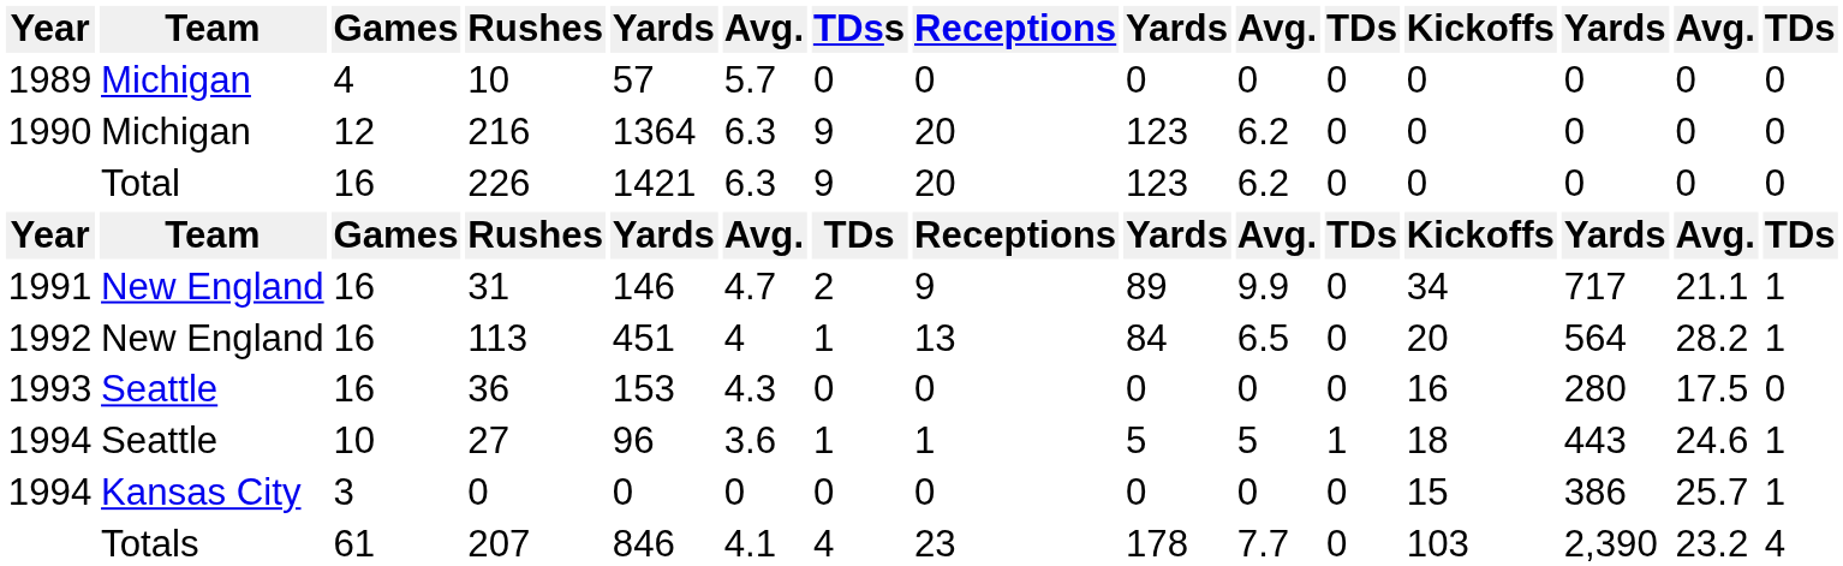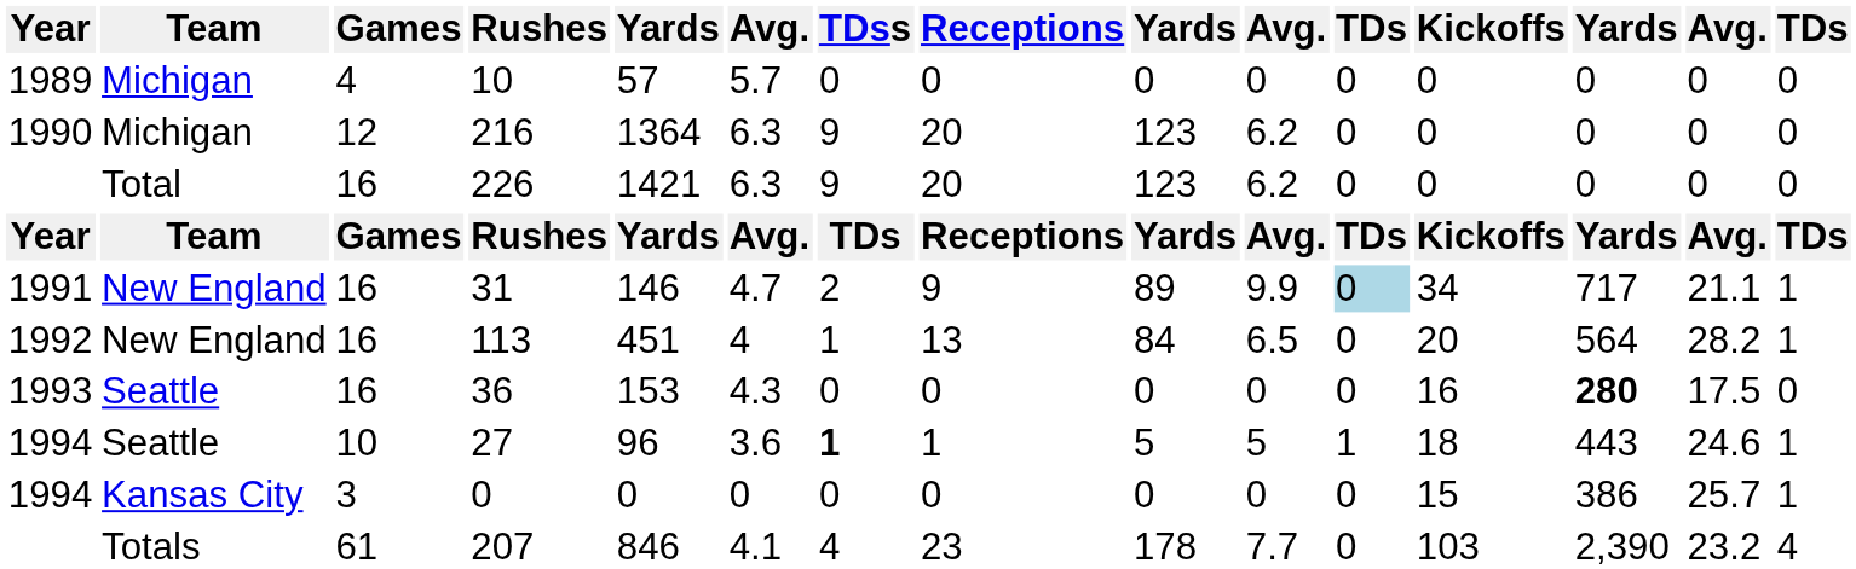 <table>
 <tr>
 <td align="center" style="background:#f0f0f0;"><strong>Year</strong></td>
 <td align="center" style="background:#f0f0f0;"><strong>Team</strong></td>
 <td align="center" style="background:#f0f0f0;"><strong>Games</strong></td>
 <td align="center" style="background:#f0f0f0;"><strong>Rushes</strong></td>
 <td align="center" style="background:#f0f0f0;"><strong>Yards</strong></td>
 <td align="center" style="background:#f0f0f0;"><strong>Avg.</strong></td>
 <td align="center" style="background:#f0f0f0;"><strong><a href='#'>TDs</a>s</strong></td>
 <td align="center" style="background:#f0f0f0;"><strong><a href='#'>Receptions</a></strong></td>
 <td align="center" style="background:#f0f0f0;"><strong>Yards</strong></td>
 <td align="center" style="background:#f0f0f0;"><strong>Avg.</strong></td>
 <td align="center" style="background:#f0f0f0;"><strong>TDs</strong></td>
 <td align="center" style="background:#f0f0f0;"><strong>Kickoffs</strong></td>
 <td align="center" style="background:#f0f0f0;"><strong>Yards</strong></td>
 <td align="center" style="background:#f0f0f0;"><strong>Avg.</strong></td>
 <td align="center" style="background:#f0f0f0;"><strong>TDs</strong></td>
 </tr>
 <tr>
 <td>1989</td>
 <td><a href='#'>Michigan</a></td>
 <td>4</td>
 <td>10</td>
 <td>57</td>
 <td>5.7</td>
 <td>0</td>
 <td>0</td>
 <td>0</td>
 <td>0</td>
 <td>0</td>
 <td>0</td>
 <td>0</td>
 <td>0</td>
 <td>0</td>
 </tr>
 <tr>
 <td>1990</td>
 <td>Michigan</td>
 <td>12</td>
 <td>216</td>
 <td>1364</td>
 <td>6.3</td>
 <td>9</td>
 <td>20</td>
 <td>123</td>
 <td>6.2</td>
 <td>0</td>
 <td>0</td>
 <td>0</td>
 <td>0</td>
 <td>0</td>
 </tr>
 <tr>
 <td></td>
 <td>Total</td>
 <td>16</td>
 <td>226</td>
 <td>1421</td>
 <td>6.3</td>
 <td>9</td>
 <td>20</td>
 <td>123</td>
 <td>6.2</td>
 <td>0</td>
 <td>0</td>
 <td>0</td>
 <td>0</td>
 <td>0</td>
 </tr>
 <tr>
 <td align="center" style="background:#f0f0f0;"><strong>Year</strong></td>
 <td align="center" style="background:#f0f0f0;"><strong>Team</strong></td>
 <td align="center" style="background:#f0f0f0;"><strong>Games</strong></td>
 <td align="center" style="background:#f0f0f0;"><strong>Rushes</strong></td>
 <td align="center" style="background:#f0f0f0;"><strong>Yards</strong></td>
 <td align="center" style="background:#f0f0f0;"><strong>Avg.</strong></td>
 <td align="center" style="background:#f0f0f0;"><strong>TDs</strong></td>
 <td align="center" style="background:#f0f0f0;"><strong>Receptions</strong></td>
 <td align="center" style="background:#f0f0f0;"><strong>Yards</strong></td>
 <td align="center" style="background:#f0f0f0;"><strong>Avg.</strong></td>
 <td align="center" style="background:#f0f0f0;"><strong>TDs</strong></td>
 <td align="center" style="background:#f0f0f0;"><strong>Kickoffs</strong></td>
 <td align="center" style="background:#f0f0f0;"><strong>Yards</strong></td>
 <td align="center" style="background:#f0f0f0;"><strong>Avg.</strong></td>
 <td align="center" style="background:#f0f0f0;"><strong>TDs</strong></td>
 </tr>
 <tr>
 <td>1991</td>
 <td><a href='#'>New England</a></td>
 <td>16</td>
 <td>31</td>
 <td>146</td>
 <td>4.7</td>
 <td>2</td>
 <td>9</td>
 <td>89</td>
 <td>9.9</td>
-<td>0</td>
+<td style="background: lightblue;">0</td>
 <td>34</td>
 <td>717</td>
 <td>21.1</td>
 <td>1</td>
 </tr>
 <tr>
 <td>1992</td>
 <td>New England</td>
 <td>16</td>
 <td>113</td>
 <td>451</td>
 <td>4</td>
 <td>1</td>
 <td>13</td>
 <td>84</td>
 <td>6.5</td>
 <td>0</td>
 <td>20</td>
 <td>564</td>
 <td>28.2</td>
 <td>1</td>
 </tr>
 <tr>
 <td>1993</td>
 <td><a href='#'>Seattle</a></td>
 <td>16</td>
 <td>36</td>
 <td>153</td>
 <td>4.3</td>
 <td>0</td>
 <td>0</td>
 <td>0</td>
 <td>0</td>
 <td>0</td>
 <td>16</td>
-<td>280</td>
+<td><strong>280</strong></td>
 <td>17.5</td>
 <td>0</td>
 </tr>
 <tr>
 <td>1994</td>
 <td>Seattle</td>
 <td>10</td>
 <td>27</td>
 <td>96</td>
 <td>3.6</td>
-<td>1</td>
+<td><strong>1</strong></td>
 <td>1</td>
 <td>5</td>
 <td>5</td>
 <td>1</td>
 <td>18</td>
 <td>443</td>
 <td>24.6</td>
 <td>1</td>
 </tr>
 <tr>
 <td>1994</td>
 <td><a href='#'>Kansas City</a></td>
 <td>3</td>
 <td>0</td>
 <td>0</td>
 <td>0</td>
 <td>0</td>
 <td>0</td>
 <td>0</td>
 <td>0</td>
 <td>0</td>
 <td>15</td>
 <td>386</td>
 <td>25.7</td>
 <td>1</td>
 </tr>
 <tr>
 <td></td>
 <td>Totals</td>
 <td>61</td>
 <td>207</td>
 <td>846</td>
 <td>4.1</td>
 <td>4</td>
 <td>23</td>
 <td>178</td>
 <td>7.7</td>
 <td>0</td>
 <td>103</td>
 <td>2,390</td>
 <td>23.2</td>
 <td>4</td>
 </tr>
 <tr>
 <td></td>
 </tr>
 </table>
